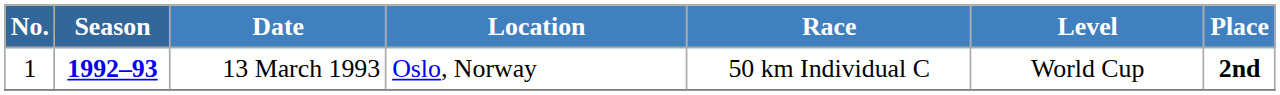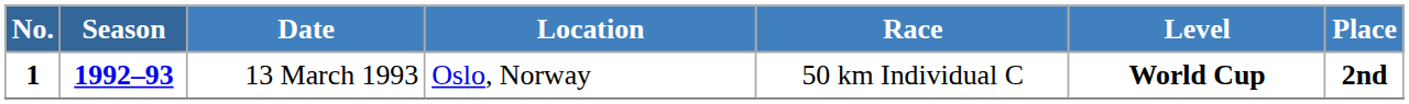 <table class="wikitable sortable" style="font-size:95%; text-align:center; border:grey solid 1px; border-collapse:collapse; background:#ffffff;">
 <tr style="background:#efefef;">
 <th style="background-color:#369; color:white;">No.</th>
 <th style="background-color:#369; color:white;">Season</th>
 <th style="background-color:#4180be; color:white; width:120px;">Date</th>
 <th style="background-color:#4180be; color:white; width:170px;">Location</th>
 <th style="background-color:#4180be; color:white; width:160px;">Race</th>
 <th style="background-color:#4180be; color:white; width:130px;">Level</th>
 <th style="background-color:#4180be; color:white;">Place</th>
 </tr>
 <tr>
-<td align=center>1</td>
+<td align=center><strong>1</strong></td>
 <td rowspan=1 align=center><strong> <a href='#'>1992–93</a> </strong></td>
 <td align=right>13 March 1993</td>
 <td align=left> <a href='#'>Oslo</a>, Norway</td>
 <td>50 km Individual C</td>
-<td>World Cup</td>
+<td><strong>World Cup</strong></td>
 <td><strong>2nd</strong></td>
 </tr>
 <tr>
 </tr>
 </table>
